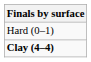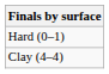 <table class=wikitable style=font-size:90%>
 <tr>
 <th>Finals by surface</th>
 </tr>
 <tr>
 <td>Hard (0–1)</td>
 </tr>
 <tr>
-<td><strong>Clay (4–4)</strong></td>
+<td>Clay (4–4)</td>
 </tr>
 </table>
